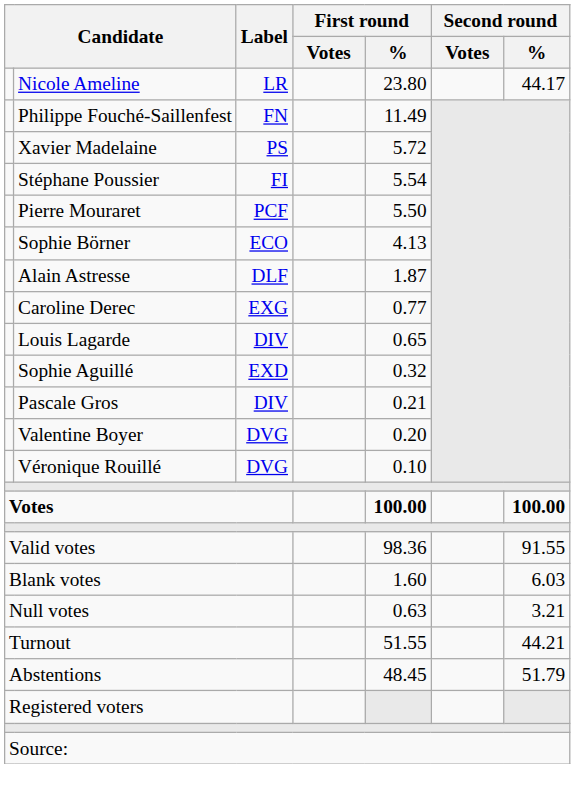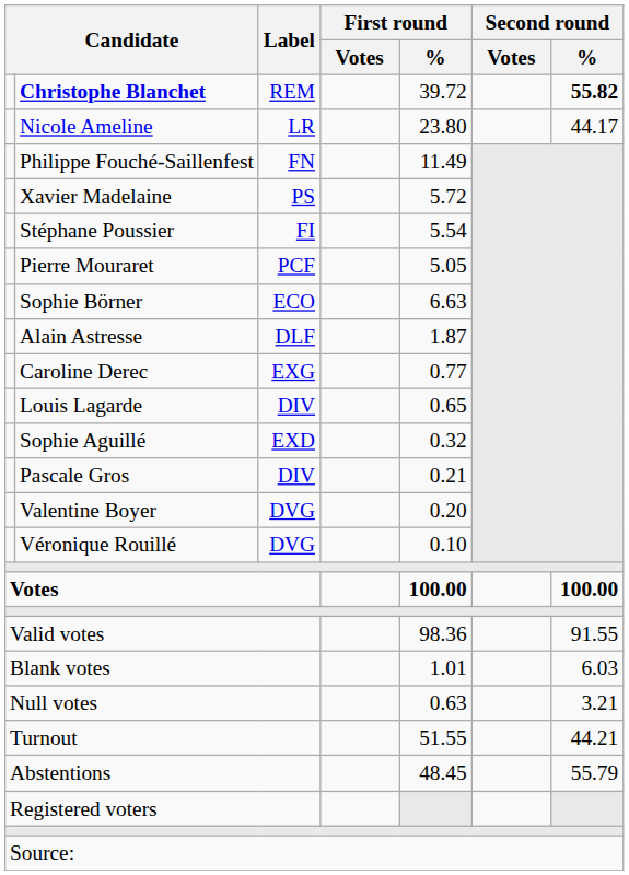 <table class="wikitable" style="text-align:right;font-size:95%;">
 <tr>
 <th colspan="2" rowspan="2">Candidate</th>
 <th rowspan="2">Label</th>
 <th colspan="2">First round</th>
 <th colspan="2">Second round</th>
 </tr>
 <tr>
 <th style="width:50px;">Votes</th>
 <th style="width:45px;">%</th>
 <th style="width:50px;">Votes</th>
 <th style="width:45px;">%</th>
+</tr>
+<tr>
+<td style="color:inherit;background:"></td>
+<td style="text-align:left;"><strong><a href='#'>Christophe Blanchet</a></strong></td>
+<td><a href='#'>REM</a></td>
+<td></td>
+<td>39.72</td>
+<td><strong></strong></td>
+<td><strong>55.82</strong></td>
 </tr>
 <tr>
 <td style="color:inherit;background:"></td>
 <td style="text-align:left;"><a href='#'>Nicole Ameline</a></td>
 <td><a href='#'>LR</a></td>
 <td></td>
 <td>23.80</td>
 <td></td>
 <td>44.17</td>
 </tr>
 <tr>
 <td style="color:inherit;background:"></td>
 <td style="text-align:left;">Philippe Fouché-Saillenfest</td>
 <td><a href='#'>FN</a></td>
 <td></td>
 <td>11.49</td>
 <td colspan="2" rowspan="12" style="background:#E9E9E9;"></td>
 </tr>
 <tr>
 <td style="color:inherit;background:"></td>
 <td style="text-align:left;">Xavier Madelaine</td>
 <td><a href='#'>PS</a></td>
 <td></td>
 <td>5.72</td>
 </tr>
 <tr>
 <td style="color:inherit;background:"></td>
 <td style="text-align:left;">Stéphane Poussier</td>
 <td><a href='#'>FI</a></td>
 <td></td>
 <td>5.54</td>
 </tr>
 <tr>
 <td style="color:inherit;background:"></td>
 <td style="text-align:left;">Pierre Mouraret</td>
 <td><a href='#'>PCF</a></td>
 <td></td>
-<td>5.50</td>
+<td>5.05</td>
 </tr>
 <tr>
 <td style="color:inherit;background:"></td>
 <td style="text-align:left;">Sophie Börner</td>
 <td><a href='#'>ECO</a></td>
 <td></td>
-<td>4.13</td>
+<td>6.63</td>
 </tr>
 <tr>
 <td style="color:inherit;background:"></td>
 <td style="text-align:left;">Alain Astresse</td>
 <td><a href='#'>DLF</a></td>
 <td></td>
 <td>1.87</td>
 </tr>
 <tr>
 <td style="color:inherit;background:"></td>
 <td style="text-align:left;">Caroline Derec</td>
 <td><a href='#'>EXG</a></td>
 <td></td>
 <td>0.77</td>
 </tr>
 <tr>
 <td style="color:inherit;background:"></td>
 <td style="text-align:left;">Louis Lagarde</td>
 <td><a href='#'>DIV</a></td>
 <td></td>
 <td>0.65</td>
 </tr>
 <tr>
 <td style="color:inherit;background:"></td>
 <td style="text-align:left;">Sophie Aguillé</td>
 <td><a href='#'>EXD</a></td>
 <td></td>
 <td>0.32</td>
 </tr>
 <tr>
 <td style="color:inherit;background:"></td>
 <td style="text-align:left;">Pascale Gros</td>
 <td><a href='#'>DIV</a></td>
 <td></td>
 <td>0.21</td>
 </tr>
 <tr>
 <td style="color:inherit;background:"></td>
 <td style="text-align:left;">Valentine Boyer</td>
 <td><a href='#'>DVG</a></td>
 <td></td>
 <td>0.20</td>
 </tr>
 <tr>
 <td style="color:inherit;background:"></td>
 <td style="text-align:left;">Véronique Rouillé</td>
 <td><a href='#'>DVG</a></td>
 <td></td>
 <td>0.10</td>
 </tr>
 <tr>
 <td colspan="7" style="background:#E9E9E9;"></td>
 </tr>
 <tr style="font-weight:bold;">
 <td colspan="3" style="text-align:left;">Votes</td>
 <td></td>
 <td>100.00</td>
 <td></td>
 <td>100.00</td>
 </tr>
 <tr>
 <td colspan="7" style="background:#E9E9E9;"></td>
 </tr>
 <tr>
 <td colspan="3" style="text-align:left;">Valid votes</td>
 <td></td>
 <td>98.36</td>
 <td></td>
 <td>91.55</td>
 </tr>
 <tr>
 <td colspan="3" style="text-align:left;">Blank votes</td>
 <td></td>
-<td>1.60</td>
+<td>1.01</td>
 <td></td>
 <td>6.03</td>
 </tr>
 <tr>
 <td colspan="3" style="text-align:left;">Null votes</td>
 <td></td>
 <td>0.63</td>
 <td></td>
 <td>3.21</td>
 </tr>
 <tr>
 <td colspan="3" style="text-align:left;">Turnout</td>
 <td></td>
 <td>51.55</td>
 <td></td>
 <td>44.21</td>
 </tr>
 <tr>
 <td colspan="3" style="text-align:left;">Abstentions</td>
 <td></td>
 <td>48.45</td>
 <td></td>
-<td>51.79</td>
+<td>55.79</td>
 </tr>
 <tr>
 <td colspan="3" style="text-align:left;">Registered voters</td>
 <td></td>
 <td style="color:inherit;background:#E9E9E9;"></td>
 <td></td>
 <td style="color:inherit;background:#E9E9E9;"></td>
 </tr>
 <tr>
 <td colspan="7" style="background:#E9E9E9;"></td>
 </tr>
 <tr>
 <td colspan="7" style="text-align:left;">Source: </td>
 </tr>
 </table>
